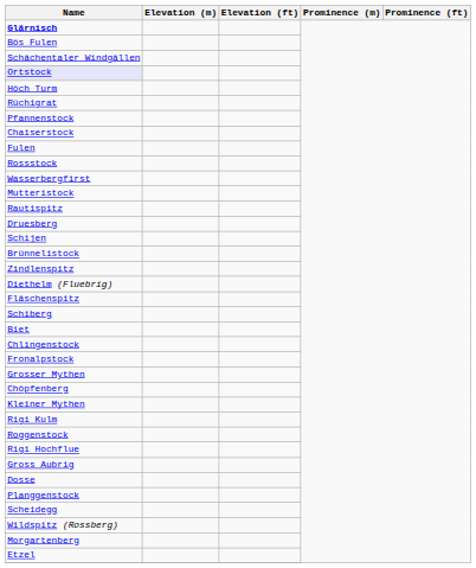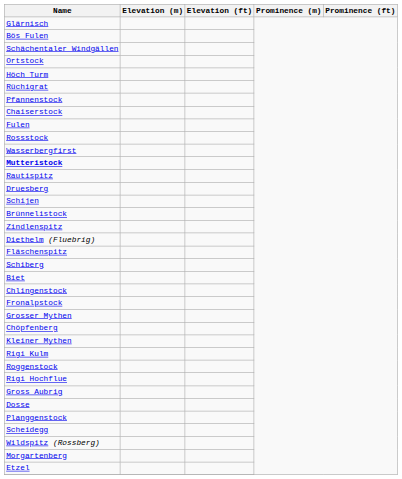 <table class="wikitable sortable">
 <tr>
 <th>Name</th>
 <th>Elevation (m)</th>
 <th>Elevation (ft)</th>
 <th>Prominence (m)</th>
 <th>Prominence (ft)</th>
 </tr>
 <tr>
-<td><strong><a href='#'>Glärnisch</a></strong></td>
+<td><a href='#'>Glärnisch</a></td>
 <td></td>
 <td></td>
 </tr>
 <tr>
 <td><a href='#'>Bös Fulen</a></td>
 <td></td>
 <td></td>
 </tr>
 <tr>
 <td><a href='#'>Schächentaler Windgällen</a></td>
 <td></td>
 <td></td>
 </tr>
 <tr>
-<td style="background: lavender;"><a href='#'>Ortstock</a></td>
+<td><a href='#'>Ortstock</a></td>
 <td></td>
 <td></td>
 </tr>
 <tr>
 <td><a href='#'>Höch Turm</a></td>
 <td></td>
 <td></td>
 </tr>
 <tr>
 <td><a href='#'>Rüchigrat</a></td>
 <td></td>
 <td></td>
 </tr>
 <tr>
 <td><a href='#'>Pfannenstock</a></td>
 <td></td>
 <td></td>
 </tr>
 <tr>
 <td><a href='#'>Chaiserstock</a></td>
 <td></td>
 <td></td>
 </tr>
 <tr>
 <td><a href='#'>Fulen</a></td>
 <td></td>
 <td></td>
 </tr>
 <tr>
 <td><a href='#'>Rossstock</a></td>
 <td></td>
 <td></td>
 </tr>
 <tr>
 <td><a href='#'>Wasserbergfirst</a></td>
 <td></td>
 <td></td>
 </tr>
 <tr>
-<td><a href='#'>Mutteristock</a></td>
+<td><strong><a href='#'>Mutteristock</a></strong></td>
 <td></td>
 <td></td>
 </tr>
 <tr>
 <td><a href='#'>Rautispitz</a></td>
 <td></td>
 <td></td>
 </tr>
 <tr>
 <td><a href='#'>Druesberg</a></td>
 <td></td>
 <td></td>
 </tr>
 <tr>
 <td><a href='#'>Schijen</a></td>
 <td></td>
 <td></td>
 </tr>
 <tr>
 <td><a href='#'>Brünnelistock</a></td>
 <td></td>
 <td></td>
 </tr>
 <tr>
 <td><a href='#'>Zindlenspitz</a></td>
 <td></td>
 <td></td>
 </tr>
 <tr>
 <td><a href='#'>Diethelm</a> <em>(Fluebrig)</em></td>
 <td></td>
 <td></td>
 </tr>
 <tr>
 <td><a href='#'>Fläschenspitz</a></td>
 <td></td>
 <td></td>
 </tr>
 <tr>
 <td><a href='#'>Schiberg</a></td>
 <td></td>
 <td></td>
 </tr>
 <tr>
 <td><a href='#'>Biet</a></td>
 <td></td>
 <td></td>
 </tr>
 <tr>
 <td><a href='#'>Chlingenstock</a></td>
 <td></td>
 <td></td>
 </tr>
 <tr>
 <td><a href='#'>Fronalpstock</a></td>
 <td></td>
 <td></td>
 </tr>
 <tr>
 <td><a href='#'>Grosser Mythen</a></td>
 <td></td>
 <td></td>
 </tr>
 <tr>
 <td><a href='#'>Chöpfenberg</a></td>
 <td></td>
 <td></td>
 </tr>
 <tr>
 <td><a href='#'>Kleiner Mythen</a></td>
 <td></td>
 <td></td>
 </tr>
 <tr>
 <td><a href='#'>Rigi Kulm</a></td>
 <td></td>
 <td></td>
 </tr>
 <tr>
 <td><a href='#'>Roggenstock</a></td>
 <td></td>
 <td></td>
 </tr>
 <tr>
 <td><a href='#'>Rigi Hochflue</a></td>
 <td></td>
 <td></td>
 </tr>
 <tr>
 <td><a href='#'>Gross Aubrig</a></td>
 <td></td>
 <td></td>
 </tr>
 <tr>
 <td><a href='#'>Dosse</a></td>
 <td></td>
 <td></td>
 </tr>
 <tr>
 <td><a href='#'>Planggenstock</a></td>
 <td></td>
 <td></td>
 </tr>
 <tr>
 <td><a href='#'>Scheidegg</a></td>
 <td></td>
 <td></td>
 </tr>
 <tr>
 <td><a href='#'>Wildspitz</a> <em>(Rossberg)</em></td>
 <td></td>
 <td></td>
 </tr>
 <tr>
 <td><a href='#'>Morgartenberg</a></td>
 <td></td>
 <td></td>
 </tr>
 <tr>
 <td><a href='#'>Etzel</a></td>
 <td></td>
 <td></td>
 </tr>
 <tr>
 </tr>
 </table>
